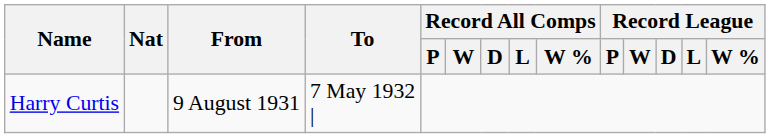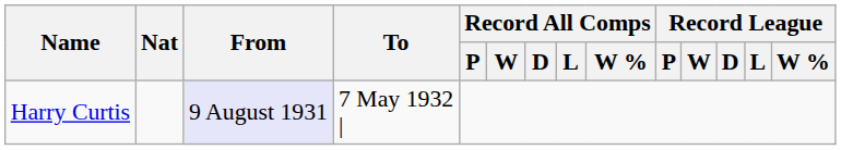 <table class="wikitable" style="text-align: center">
 <tr>
 <th rowspan="2">Name</th>
 <th rowspan="2">Nat</th>
 <th rowspan="2">From</th>
 <th rowspan="2">To</th>
 <th colspan="5">Record All Comps</th>
 <th colspan="5">Record League</th>
 </tr>
 <tr>
 <th>P</th>
 <th>W</th>
 <th>D</th>
 <th>L</th>
 <th>W %</th>
 <th>P</th>
 <th>W</th>
 <th>D</th>
 <th>L</th>
 <th>W %</th>
 </tr>
 <tr>
 <td align=left><a href='#'>Harry Curtis</a></td>
 <td></td>
-<td align=left>9 August 1931</td>
+<td align=left style="background: lavender;">9 August 1931</td>
 <td align=left>7 May 1932<br>|</td>
 </tr>
 </table>
